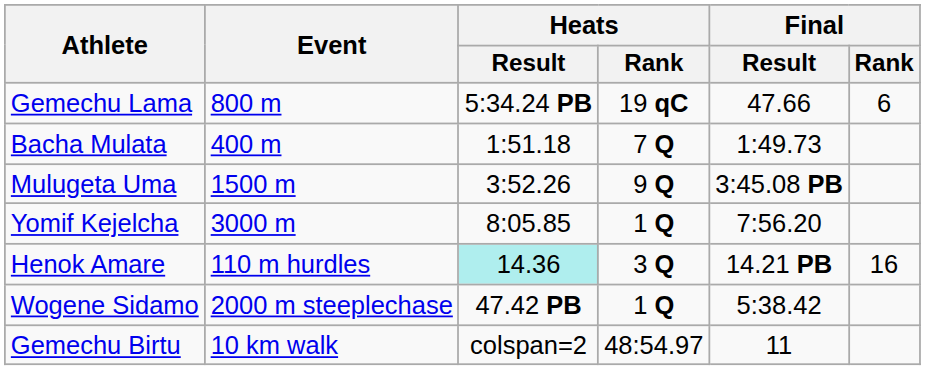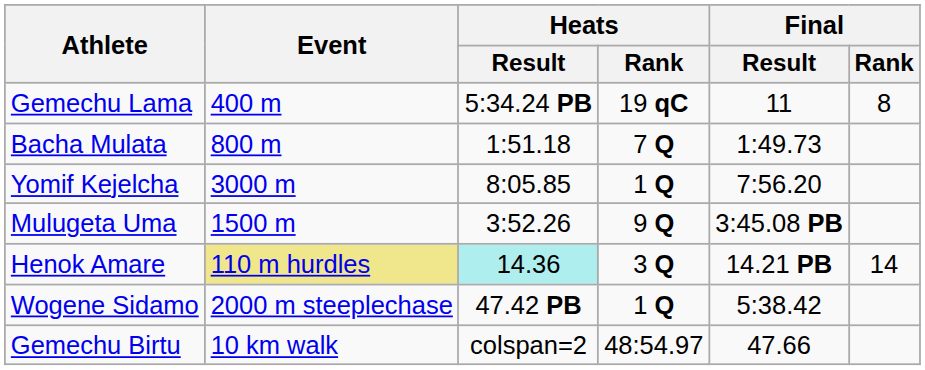 <table class="wikitable" style="font-size:90%">
 <tr>
 <th rowspan=2>Athlete</th>
 <th rowspan=2>Event</th>
 <th colspan=2>Heats</th>
 <th colspan=2>Final</th>
 </tr>
 <tr style="font-size:95%">
 <th>Result</th>
 <th>Rank</th>
 <th>Result</th>
 <th>Rank</th>
 </tr>
 <tr align=center>
 <td align=left><a href='#'>Gemechu Lama</a></td>
-<td align=left><a href='#'>800 m</a></td>
+<td align=left><a href='#'>400 m</a></td>
 <td>5:34.24 <strong>PB</strong></td>
 <td>19 <strong>qC</strong></td>
-<td>47.66</td>
-<td>6</td>
+<td>11</td>
+<td>8</td>
 </tr>
 <tr align=center>
 <td align=left><a href='#'>Bacha Mulata</a></td>
-<td align=left><a href='#'>400 m</a></td>
+<td align=left><a href='#'>800 m</a></td>
 <td>1:51.18</td>
 <td>7 <strong>Q</strong></td>
 <td>1:49.73</td>
+<td></td>
+</tr>
+<tr align=center>
+<td align=left><a href='#'>Yomif Kejelcha</a></td>
+<td align=left><a href='#'>3000 m</a></td>
+<td>8:05.85</td>
+<td>1 <strong>Q</strong></td>
+<td>7:56.20</td>
 <td></td>
 </tr>
 <tr align=center>
 <td align=left><a href='#'>Mulugeta Uma</a></td>
 <td align=left><a href='#'>1500 m</a></td>
 <td>3:52.26</td>
 <td>9 <strong>Q</strong></td>
 <td>3:45.08 <strong>PB</strong></td>
 <td></td>
 </tr>
 <tr align=center>
-<td align=left><a href='#'>Yomif Kejelcha</a></td>
-<td align=left><a href='#'>3000 m</a></td>
-<td>8:05.85</td>
-<td>1 <strong>Q</strong></td>
-<td>7:56.20</td>
-<td></td>
-</tr>
-<tr align=center>
 <td align=left><a href='#'>Henok Amare</a></td>
-<td align=left><a href='#'>110 m hurdles</a></td>
+<td align=left style="background: khaki;"><a href='#'>110 m hurdles</a></td>
 <td style="background: paleturquoise;">14.36</td>
 <td>3 <strong>Q</strong></td>
 <td>14.21 <strong>PB</strong></td>
-<td>16</td>
+<td>14</td>
 </tr>
 <tr align=center>
 <td align=left><a href='#'>Wogene Sidamo</a></td>
 <td align=left><a href='#'>2000 m steeplechase</a></td>
 <td>47.42 <strong>PB</strong></td>
 <td>1 <strong>Q</strong></td>
 <td>5:38.42</td>
 <td></td>
 </tr>
 <tr align=center>
 <td align=left><a href='#'>Gemechu Birtu</a></td>
 <td align=left><a href='#'>10 km walk</a></td>
 <td>colspan=2 </td>
 <td>48:54.97</td>
-<td>11</td>
+<td>47.66</td>
 </tr>
 </table>
